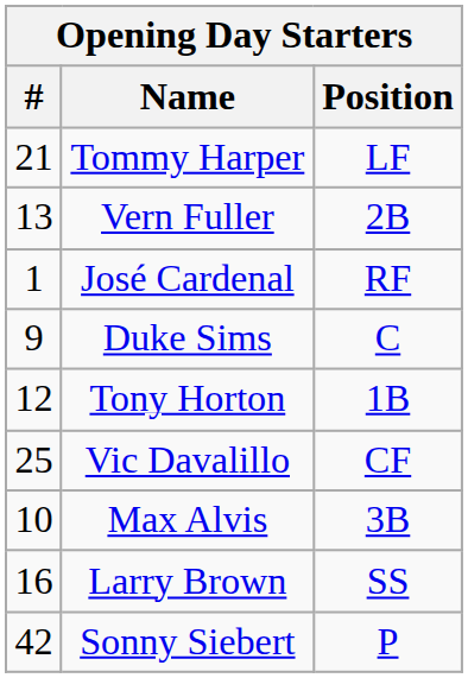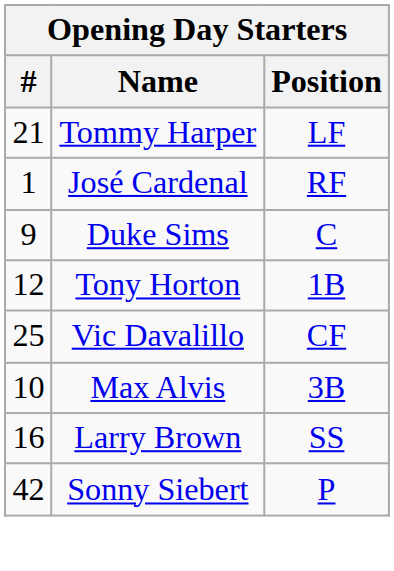 <table class="wikitable" style="text-align:center">
 <tr>
 <th colspan="3">Opening Day Starters</th>
 </tr>
 <tr>
 <th>#</th>
 <th>Name</th>
 <th>Position</th>
 </tr>
 <tr>
 <td>21</td>
 <td><a href='#'>Tommy Harper</a></td>
 <td><a href='#'>LF</a></td>
-</tr>
-<tr>
-<td>13</td>
-<td><a href='#'>Vern Fuller</a></td>
-<td><a href='#'>2B</a></td>
 </tr>
 <tr>
 <td>1</td>
 <td><a href='#'>José Cardenal</a></td>
 <td><a href='#'>RF</a></td>
 </tr>
 <tr>
 <td>9</td>
 <td><a href='#'>Duke Sims</a></td>
 <td><a href='#'>C</a></td>
 </tr>
 <tr>
 <td>12</td>
 <td><a href='#'>Tony Horton</a></td>
 <td><a href='#'>1B</a></td>
 </tr>
 <tr>
 <td>25</td>
 <td><a href='#'>Vic Davalillo</a></td>
 <td><a href='#'>CF</a></td>
 </tr>
 <tr>
 <td>10</td>
 <td><a href='#'>Max Alvis</a></td>
 <td><a href='#'>3B</a></td>
 </tr>
 <tr>
 <td>16</td>
 <td><a href='#'>Larry Brown</a></td>
 <td><a href='#'>SS</a></td>
 </tr>
 <tr>
 <td>42</td>
 <td><a href='#'>Sonny Siebert</a></td>
 <td><a href='#'>P</a></td>
 </tr>
 </table>
